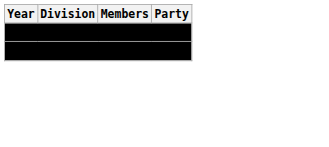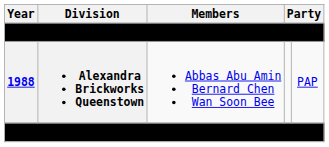 <table class="wikitable" align="center" style="text-align:center">
 <tr>
 <th>Year</th>
 <th>Division</th>
 <th>Members</th>
 <th colspan="2">Party</th>
 </tr>
 <tr>
 <td colspan="5" bgcolor="black"><span><strong>Formation</strong></span></td>
 </tr>
 <tr>
+<th><a href='#'>1988</a></th>
+<th><br><ul><li>Alexandra</li><li>Brickworks</li><li>Queenstown</li></ul></th>
+<td><br><ul><li><a href='#'>Abbas Abu Amin</a></li><li><a href='#'>Bernard Chen</a></li><li><a href='#'>Wan Soon Bee</a></li></ul></td>
+<td></td>
+<td><a href='#'>PAP</a></td>
+</tr>
+<tr>
 <td colspan="5" bgcolor="black"><span><strong>Abolished (199</strong></span><span><strong>1)</strong></span></td>
 </tr>
 </table>
